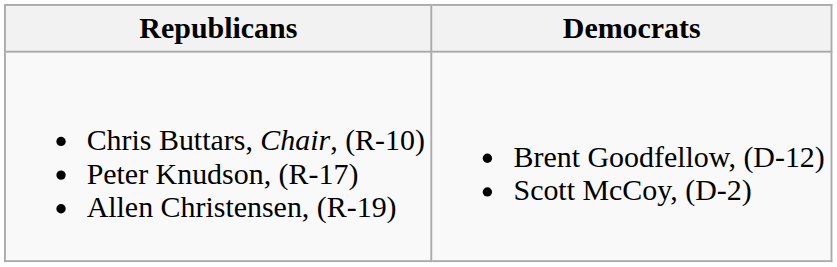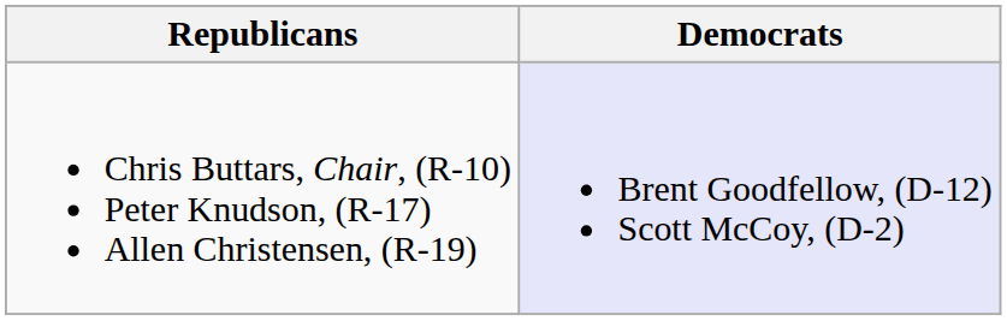 <table class=wikitable>
 <tr>
 <th>Republicans</th>
 <th>Democrats</th>
 </tr>
 <tr>
 <td><br><ul><li>Chris Buttars, <em>Chair</em>, (R-10)</li><li>Peter Knudson, (R-17)</li><li>Allen Christensen, (R-19)</li></ul></td>
-<td><br><ul><li>Brent Goodfellow, (D-12)</li><li>Scott McCoy, (D-2)</li></ul></td>
+<td style="background: lavender;"><br><ul><li>Brent Goodfellow, (D-12)</li><li>Scott McCoy, (D-2)</li></ul></td>
 </tr>
 </table>
